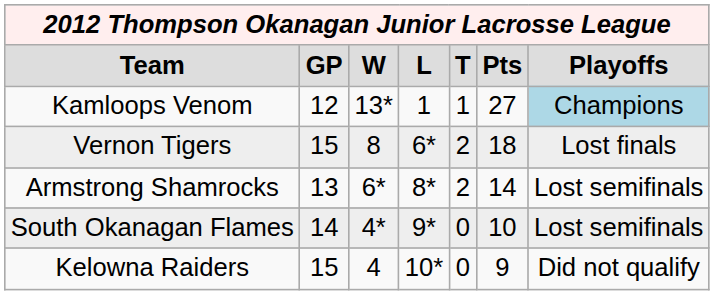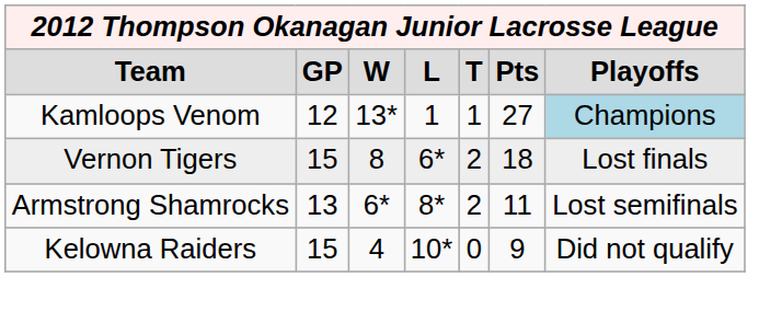 <table class="wikitable">
 <tr align="center" bgcolor="#ffeeee">
 <td colspan="7”"><strong><em>2012 Thompson Okanagan Junior Lacrosse League</em></strong></td>
 </tr>
 <tr align="center"  bgcolor="#dddddd">
 <td><strong>Team </strong></td>
 <td><strong> GP </strong></td>
 <td><strong> W </strong></td>
 <td><strong> L </strong></td>
 <td><strong> T </strong></td>
 <td><strong>Pts</strong></td>
 <td><strong>Playoffs</strong></td>
 </tr>
 <tr align="center">
 <td>Kamloops Venom</td>
 <td>12</td>
 <td>13*</td>
 <td>1</td>
 <td>1</td>
 <td>27</td>
 <td style="background: lightblue;">Champions</td>
 </tr>
 <tr align="center" bgcolor="#eeeeee">
 <td>Vernon Tigers</td>
 <td>15</td>
 <td>8</td>
 <td>6*</td>
 <td>2</td>
 <td>18</td>
 <td>Lost finals</td>
 </tr>
 <tr align="center">
 <td>Armstrong Shamrocks</td>
 <td>13</td>
 <td>6*</td>
 <td>8*</td>
 <td>2</td>
-<td>14</td>
-<td>Lost semifinals</td>
-</tr>
-<tr align="center" bgcolor="#eeeeee">
-<td>South Okanagan Flames</td>
-<td>14</td>
-<td>4*</td>
-<td>9*</td>
-<td>0</td>
-<td>10</td>
+<td>11</td>
 <td>Lost semifinals</td>
 </tr>
 <tr align="center">
 <td>Kelowna Raiders</td>
 <td>15</td>
 <td>4</td>
 <td>10*</td>
 <td>0</td>
 <td>9</td>
 <td>Did not qualify</td>
 </tr>
 </table>
